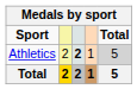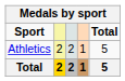 <table class="wikitable" style="font-size:85%; float:right;">
 <tr style="background:#efefef;">
 <th colspan=7><strong>Medals by sport</strong></th>
 </tr>
 <tr align=center>
 <td><strong>Sport</strong></td>
 <td style="background:#f7f6a8;"></td>
 <td style="background:#dce5e5;"></td>
 <td style="background:#ffdab9;"></td>
 <td><strong>Total</strong></td>
 </tr>
 <tr align=center>
 <td><a href='#'>Athletics</a></td>
 <td style="background:#f7f6a8;">2</td>
-<td style="background:#dce5e5;"><strong>2</strong></td>
+<td style="background:#dce5e5;">2</td>
 <td style="background:#ffdab9;">1</td>
-<td style="background: lightgrey;">5</td>
+<td>5</td>
 </tr>
 <tr align=center>
 <th><strong>Total</strong></th>
 <th style="background:gold;"><strong>2</strong></th>
 <th style="background:silver;"><strong>2</strong></th>
 <th style="background:#c96;"><strong>1</strong></th>
 <th><strong>5</strong></th>
 </tr>
 </table>
